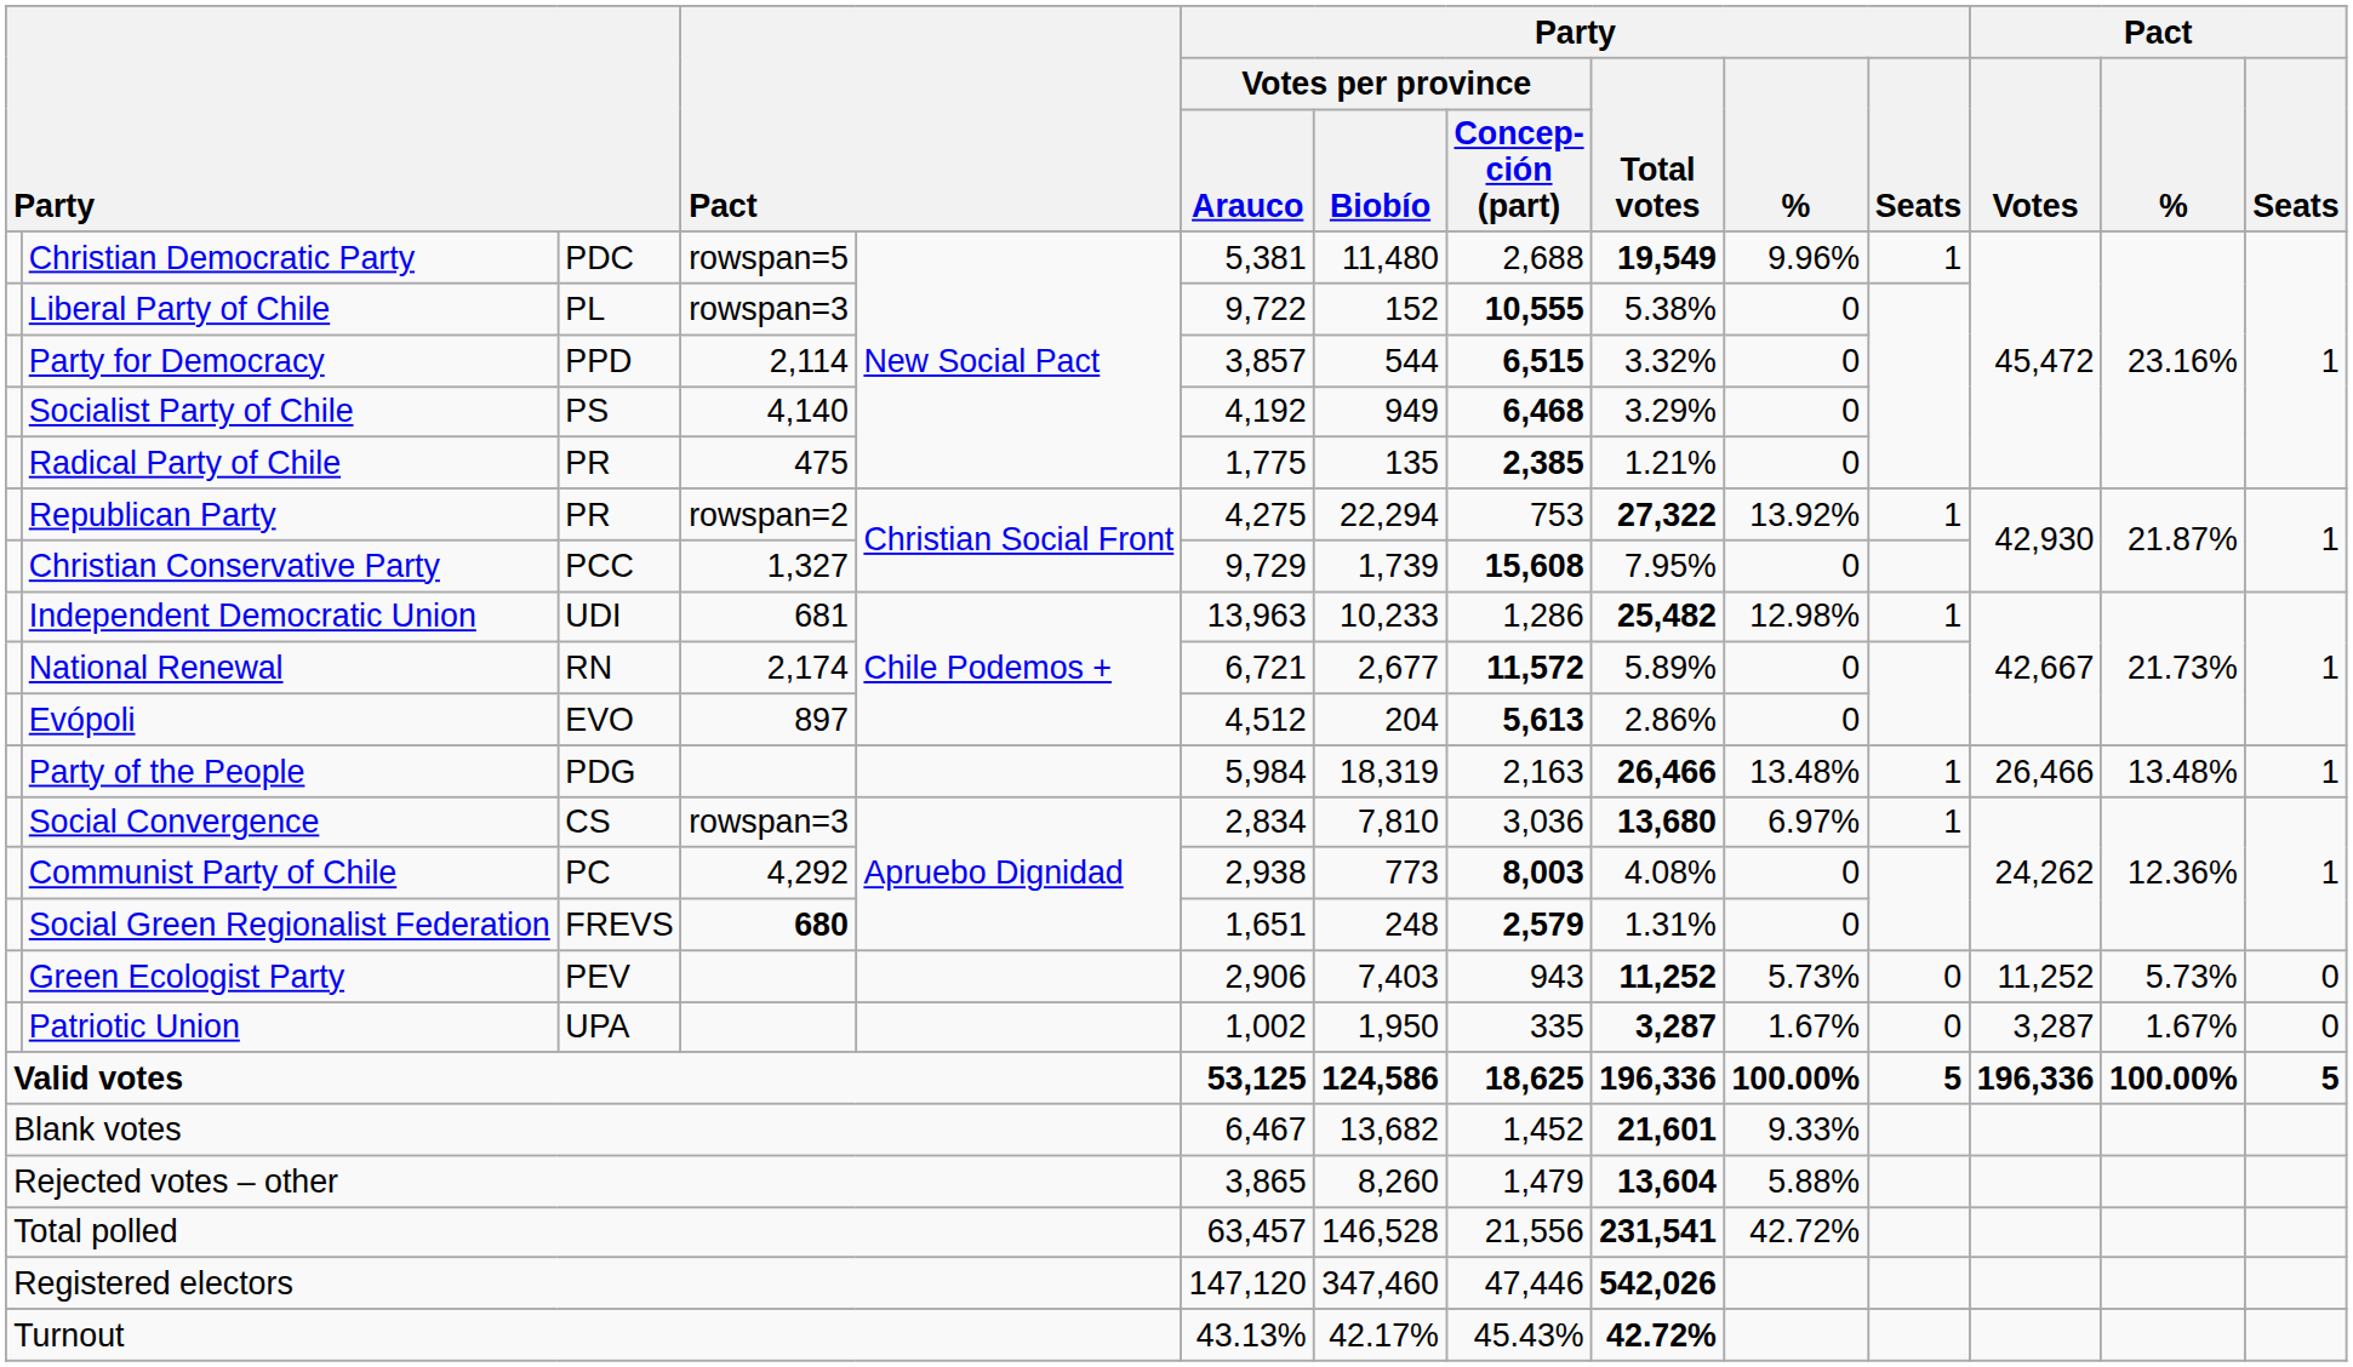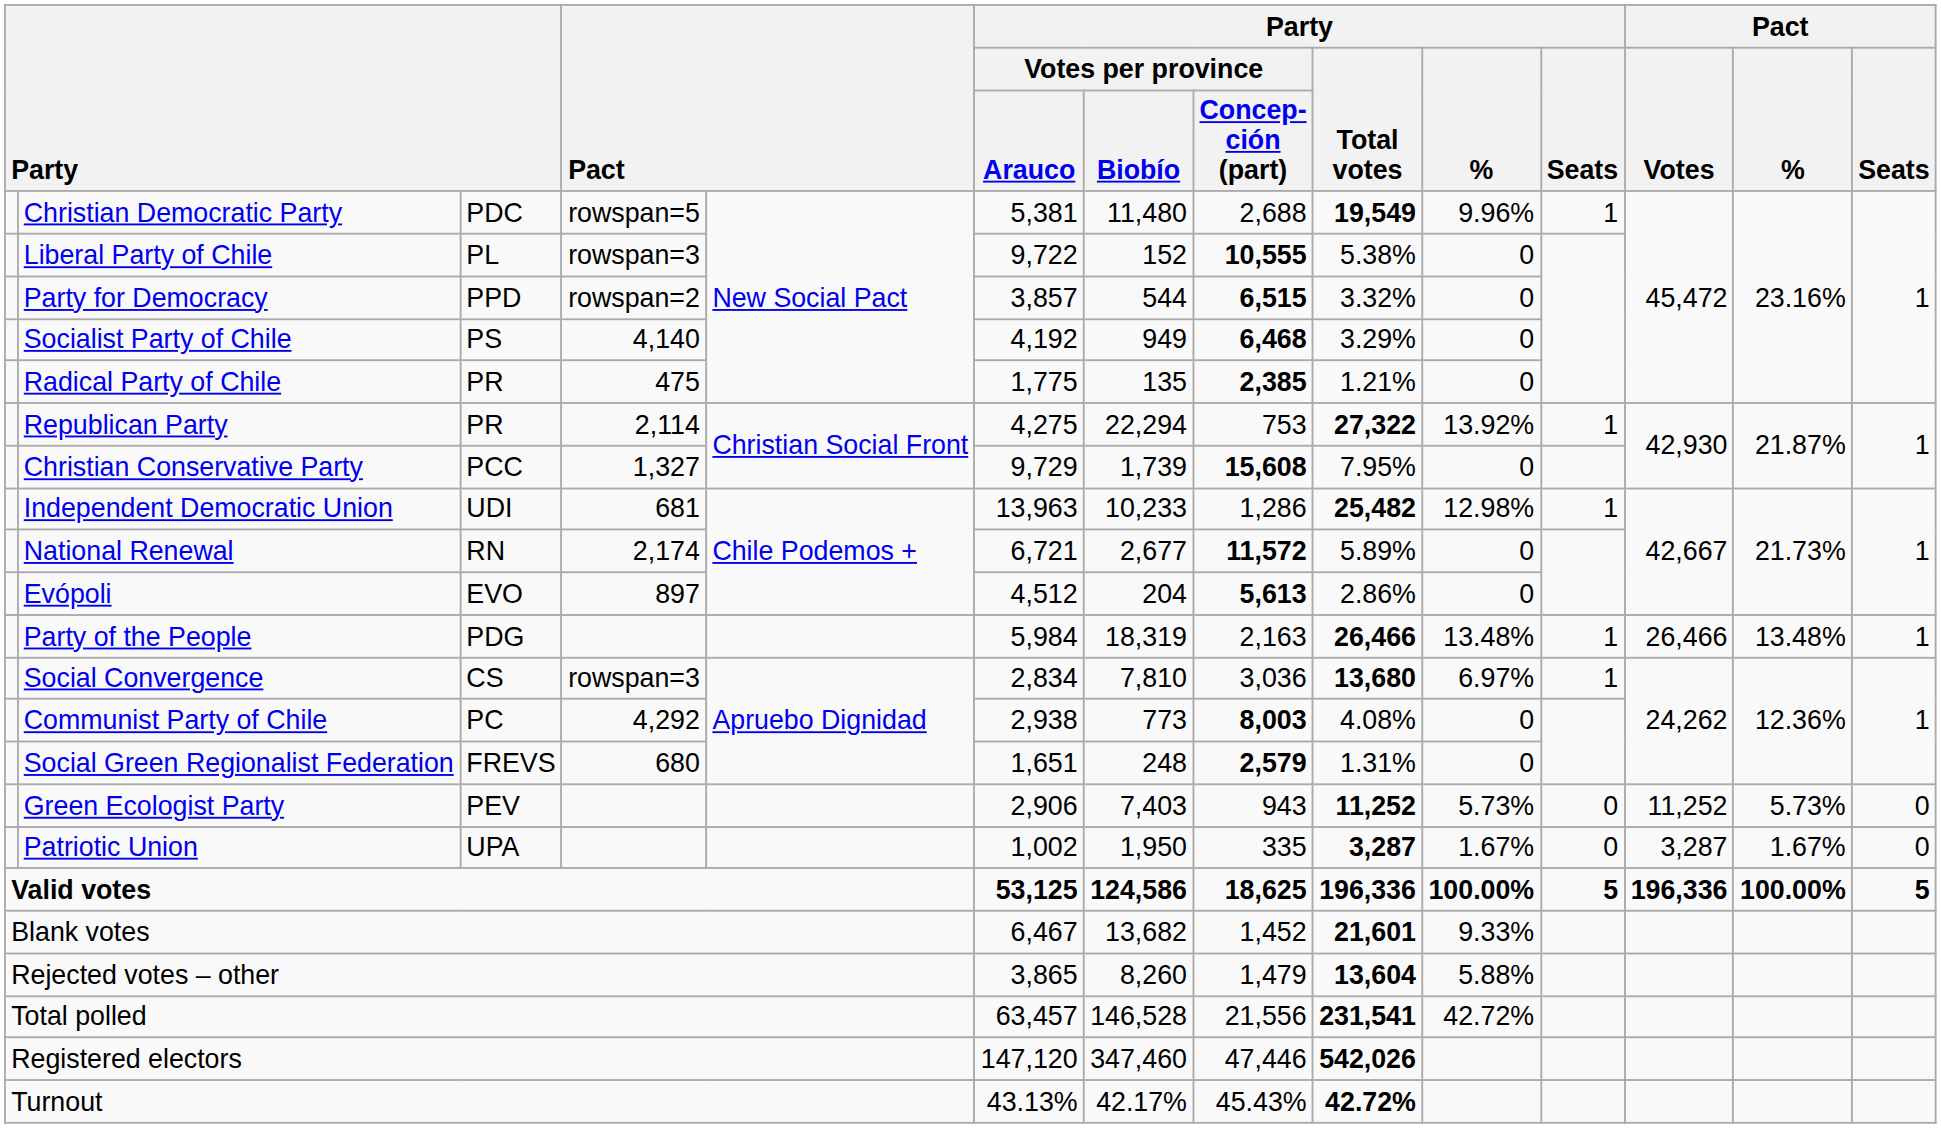 <table class="wikitable" border="1" style="font-size:90%; text-align:right; white-space: nowrap;">
 <tr>
 <th style="text-align:left;" valign=bottom rowspan=3 colspan=3>Party</th>
 <th style="text-align:left;" valign=bottom rowspan=3 colspan=2>Pact</th>
 <th colspan=6>Party</th>
 <th colspan=3>Pact</th>
 </tr>
 <tr>
 <th colspan=3>Votes per province</th>
 <th align=center valign=bottom rowspan=2 width="40">Total<br>votes</th>
 <th align=center valign=bottom rowspan=2 width="40">%</th>
 <th align=center valign=bottom rowspan=2>Seats</th>
 <th align=center valign=bottom rowspan=2 width="40">Votes</th>
 <th align=center valign=bottom rowspan=2 width="40">%</th>
 <th align=center valign=bottom rowspan=2>Seats</th>
 </tr>
 <tr>
 <th align=center valign=bottom width="40"><a href='#'>Arauco</a></th>
 <th align=center valign=bottom width="40"><a href='#'>Biobío</a></th>
 <th align=center valign=bottom width="40"><a href='#'>Concep-<br>ción</a><br>(part)</th>
 </tr>
 <tr>
 <td></td>
 <td align=left><a href='#'>Christian Democratic Party</a></td>
 <td align=left>PDC</td>
 <td>rowspan=5 </td>
 <td rowspan=5 align=left><a href='#'>New Social Pact</a></td>
 <td>5,381</td>
 <td>11,480</td>
 <td>2,688</td>
 <td><strong>19,549</strong></td>
 <td>9.96%</td>
 <td>1</td>
 <td rowspan=5>45,472</td>
 <td rowspan=5>23.16%</td>
 <td rowspan=5>1</td>
 </tr>
 <tr>
 <td></td>
 <td align=left><a href='#'>Liberal Party of Chile</a></td>
 <td align=left>PL</td>
 <td>rowspan=3 </td>
 <td>9,722</td>
 <td>152</td>
 <td><strong>10,555</strong></td>
 <td>5.38%</td>
 <td>0</td>
 </tr>
 <tr>
 <td></td>
 <td align=left><a href='#'>Party for Democracy</a></td>
 <td align=left>PPD</td>
-<td>2,114</td>
+<td>rowspan=2 </td>
 <td>3,857</td>
 <td>544</td>
 <td><strong>6,515</strong></td>
 <td>3.32%</td>
 <td>0</td>
 </tr>
 <tr>
 <td></td>
 <td align=left><a href='#'>Socialist Party of Chile</a></td>
 <td align=left>PS</td>
 <td>4,140</td>
 <td>4,192</td>
 <td>949</td>
 <td><strong>6,468</strong></td>
 <td>3.29%</td>
 <td>0</td>
 </tr>
 <tr>
 <td></td>
 <td align=left><a href='#'>Radical Party of Chile</a></td>
 <td align=left>PR</td>
 <td>475</td>
 <td>1,775</td>
 <td>135</td>
 <td><strong>2,385</strong></td>
 <td>1.21%</td>
 <td>0</td>
 </tr>
 <tr>
 <td></td>
 <td align=left><a href='#'>Republican Party</a></td>
 <td align=left>PR</td>
-<td>rowspan=2 </td>
+<td>2,114</td>
 <td rowspan=2 align=left><a href='#'>Christian Social Front</a></td>
 <td>4,275</td>
 <td>22,294</td>
 <td>753</td>
 <td><strong>27,322</strong></td>
 <td>13.92%</td>
 <td>1</td>
 <td rowspan=2>42,930</td>
 <td rowspan=2>21.87%</td>
 <td rowspan=2>1</td>
 </tr>
 <tr>
 <td></td>
 <td align=left><a href='#'>Christian Conservative Party</a></td>
 <td align=left>PCC</td>
 <td>1,327</td>
 <td>9,729</td>
 <td>1,739</td>
 <td><strong>15,608</strong></td>
 <td>7.95%</td>
 <td>0</td>
 </tr>
 <tr>
 <td></td>
 <td align=left><a href='#'>Independent Democratic Union</a></td>
 <td align=left>UDI</td>
 <td>681</td>
 <td rowspan=3 align=left><a href='#'>Chile Podemos +</a></td>
 <td>13,963</td>
 <td>10,233</td>
 <td>1,286</td>
 <td><strong>25,482</strong></td>
 <td>12.98%</td>
 <td>1</td>
 <td rowspan=3>42,667</td>
 <td rowspan=3>21.73%</td>
 <td rowspan=3>1</td>
 </tr>
 <tr>
 <td></td>
 <td align=left><a href='#'>National Renewal</a></td>
 <td align=left>RN</td>
 <td>2,174</td>
 <td>6,721</td>
 <td>2,677</td>
 <td><strong>11,572</strong></td>
 <td>5.89%</td>
 <td>0</td>
 </tr>
 <tr>
 <td></td>
 <td align=left><a href='#'>Evópoli</a></td>
 <td align=left>EVO</td>
 <td>897</td>
 <td>4,512</td>
 <td>204</td>
 <td><strong>5,613</strong></td>
 <td>2.86%</td>
 <td>0</td>
 </tr>
 <tr>
 <td></td>
 <td align=left><a href='#'>Party of the People</a></td>
 <td align=left>PDG</td>
 <td></td>
 <td></td>
 <td>5,984</td>
 <td>18,319</td>
 <td>2,163</td>
 <td><strong>26,466</strong></td>
 <td>13.48%</td>
 <td>1</td>
 <td>26,466</td>
 <td>13.48%</td>
 <td>1</td>
 </tr>
 <tr>
 <td></td>
 <td align=left><a href='#'>Social Convergence</a></td>
 <td align=left>CS</td>
 <td>rowspan=3 </td>
 <td rowspan=3 align=left><a href='#'>Apruebo Dignidad</a></td>
 <td>2,834</td>
 <td>7,810</td>
 <td>3,036</td>
 <td><strong>13,680</strong></td>
 <td>6.97%</td>
 <td>1</td>
 <td rowspan=3>24,262</td>
 <td rowspan=3>12.36%</td>
 <td rowspan=3>1</td>
 </tr>
 <tr>
 <td></td>
 <td align=left><a href='#'>Communist Party of Chile</a></td>
 <td align=left>PC</td>
 <td>4,292</td>
 <td>2,938</td>
 <td>773</td>
 <td><strong>8,003</strong></td>
 <td>4.08%</td>
 <td>0</td>
 </tr>
 <tr>
 <td></td>
 <td align=left><a href='#'>Social Green Regionalist Federation</a></td>
 <td align=left>FREVS</td>
-<td><strong>680</strong></td>
+<td>680</td>
 <td>1,651</td>
 <td>248</td>
 <td><strong>2,579</strong></td>
 <td>1.31%</td>
 <td>0</td>
 </tr>
 <tr>
 <td></td>
 <td align=left><a href='#'>Green Ecologist Party</a></td>
 <td align=left>PEV</td>
 <td></td>
 <td></td>
 <td>2,906</td>
 <td>7,403</td>
 <td>943</td>
 <td><strong>11,252</strong></td>
 <td>5.73%</td>
 <td>0</td>
 <td>11,252</td>
 <td>5.73%</td>
 <td>0</td>
 </tr>
 <tr>
 <td></td>
 <td align=left><a href='#'>Patriotic Union</a></td>
 <td align=left>UPA</td>
 <td></td>
 <td></td>
 <td>1,002</td>
 <td>1,950</td>
 <td>335</td>
 <td><strong>3,287</strong></td>
 <td>1.67%</td>
 <td>0</td>
 <td>3,287</td>
 <td>1.67%</td>
 <td>0</td>
 </tr>
 <tr style="font-weight:bold">
 <td align=left colspan=5>Valid votes</td>
 <td>53,125</td>
 <td>124,586</td>
 <td>18,625</td>
 <td>196,336</td>
 <td>100.00%</td>
 <td>5</td>
 <td>196,336</td>
 <td>100.00%</td>
 <td>5</td>
 </tr>
 <tr>
 <td align=left colspan=5>Blank votes</td>
 <td>6,467</td>
 <td>13,682</td>
 <td>1,452</td>
 <td><strong>21,601</strong></td>
 <td>9.33%</td>
 <td></td>
 <td></td>
 <td></td>
 <td></td>
 </tr>
 <tr>
 <td align=left colspan=5>Rejected votes – other</td>
 <td>3,865</td>
 <td>8,260</td>
 <td>1,479</td>
 <td><strong>13,604</strong></td>
 <td>5.88%</td>
 <td></td>
 <td></td>
 <td></td>
 <td></td>
 </tr>
 <tr>
 <td align=left colspan=5>Total polled</td>
 <td>63,457</td>
 <td>146,528</td>
 <td>21,556</td>
 <td><strong>231,541</strong></td>
 <td>42.72%</td>
 <td></td>
 <td></td>
 <td></td>
 <td></td>
 </tr>
 <tr>
 <td align=left colspan=5>Registered electors</td>
 <td>147,120</td>
 <td>347,460</td>
 <td>47,446</td>
 <td><strong>542,026</strong></td>
 <td></td>
 <td></td>
 <td></td>
 <td></td>
 <td></td>
 </tr>
 <tr>
 <td align=left colspan=5>Turnout</td>
 <td>43.13%</td>
 <td>42.17%</td>
 <td>45.43%</td>
 <td><strong>42.72%</strong></td>
 <td></td>
 <td></td>
 <td></td>
 <td></td>
 <td></td>
 </tr>
 </table>
